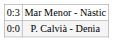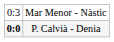 <table class="wikitable">
 <tr align=center bgcolor=white>
 <td>0:3</td>
 <td>Mar Menor - Nàstic</td>
 </tr>
 <tr align=center bgcolor=#F5F5F5>
-<td>0:0</td>
+<td><strong>0:0</strong></td>
 <td>P. Calvià - Denia</td>
 </tr>
 </table>
